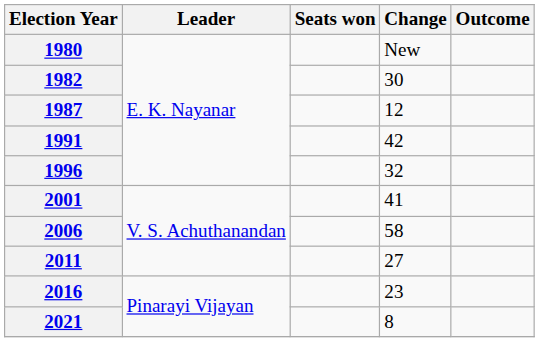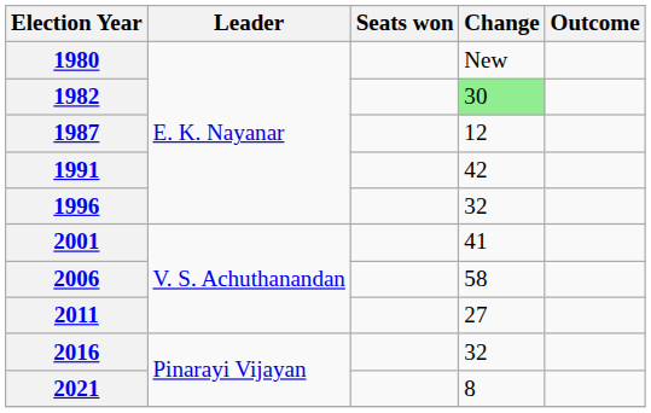 <table class="wikitable sortable">
 <tr>
 <th Style="background-color:">Election Year</th>
 <th Style="background-color:">Leader</th>
 <th Style="background-color:">Seats won</th>
 <th Style="background-color:">Change</th>
 <th Style="background-color:">Outcome</th>
 </tr>
 <tr>
 <th><a href='#'>1980</a></th>
 <td rowspan=5><a href='#'>E. K. Nayanar</a></td>
 <td></td>
 <td>New</td>
 <td></td>
 </tr>
 <tr>
 <th><a href='#'>1982</a></th>
 <td></td>
-<td> 30</td>
+<td style="background: lightgreen;"> 30</td>
 <td></td>
 </tr>
 <tr>
 <th><a href='#'>1987</a></th>
 <td></td>
 <td> 12</td>
 <td></td>
 </tr>
 <tr>
 <th><a href='#'>1991</a></th>
 <td></td>
 <td> 42</td>
 <td></td>
 </tr>
 <tr>
 <th><a href='#'>1996</a></th>
 <td></td>
 <td> 32</td>
 <td></td>
 </tr>
 <tr>
 <th><a href='#'>2001</a></th>
 <td rowspan=3><a href='#'>V. S. Achuthanandan</a></td>
 <td></td>
 <td> 41</td>
 <td></td>
 </tr>
 <tr>
 <th><a href='#'>2006</a></th>
 <td></td>
 <td> 58</td>
 <td></td>
 </tr>
 <tr>
 <th><a href='#'>2011</a></th>
 <td></td>
 <td> 27</td>
 <td></td>
 </tr>
 <tr>
 <th><a href='#'>2016</a></th>
 <td rowspan=2><a href='#'>Pinarayi Vijayan</a></td>
 <td></td>
-<td> 23</td>
+<td> 32</td>
 <td></td>
 </tr>
 <tr>
 <th><a href='#'>2021</a></th>
 <td></td>
 <td> 8</td>
 <td></td>
 </tr>
 <tr>
 </tr>
 </table>
